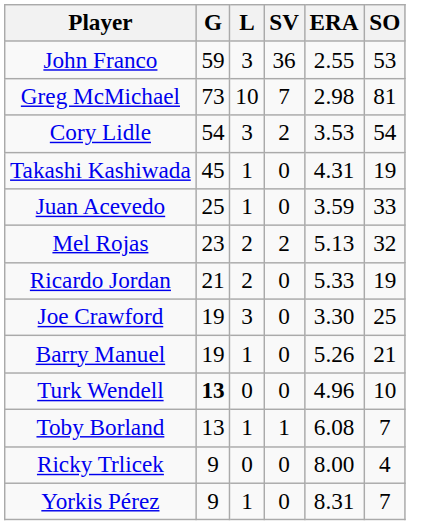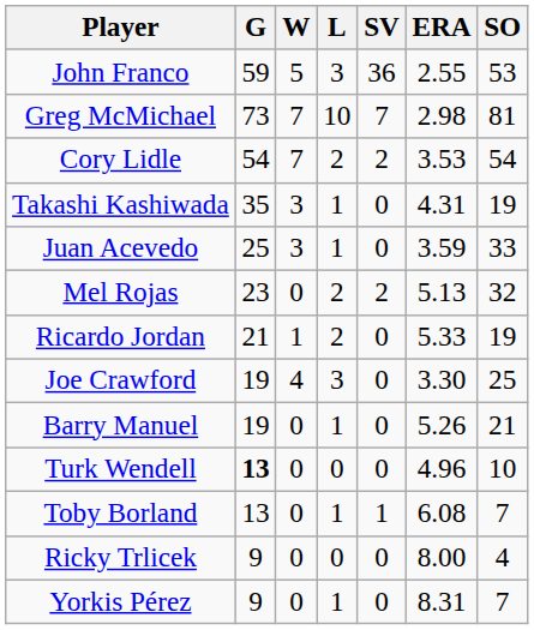 <table class="wikitable sortable">
 <tr>
 <th>Player</th>
 <th>G</th>
+<th>W</th>
 <th>L</th>
 <th>SV</th>
 <th>ERA</th>
 <th>SO</th>
 </tr>
 <tr align="center">
 <td><a href='#'>John Franco</a></td>
 <td>59</td>
+<td>5</td>
 <td>3</td>
 <td>36</td>
 <td>2.55</td>
 <td>53</td>
 </tr>
 <tr align=center>
 <td><a href='#'>Greg McMichael</a></td>
 <td>73</td>
+<td>7</td>
 <td>10</td>
 <td>7</td>
 <td>2.98</td>
 <td>81</td>
 </tr>
 <tr align="center">
 <td><a href='#'>Cory Lidle</a></td>
 <td>54</td>
-<td>3</td>
+<td>7</td>
+<td>2</td>
 <td>2</td>
 <td>3.53</td>
 <td>54</td>
 </tr>
 <tr align="center">
 <td><a href='#'>Takashi Kashiwada</a></td>
-<td>45</td>
+<td>35</td>
+<td>3</td>
 <td>1</td>
 <td>0</td>
 <td>4.31</td>
 <td>19</td>
 </tr>
 <tr align="center">
 <td><a href='#'>Juan Acevedo</a></td>
 <td>25</td>
+<td>3</td>
 <td>1</td>
 <td>0</td>
 <td>3.59</td>
 <td>33</td>
 </tr>
 <tr align="center">
 <td><a href='#'>Mel Rojas</a></td>
 <td>23</td>
+<td>0</td>
 <td>2</td>
 <td>2</td>
 <td>5.13</td>
 <td>32</td>
 </tr>
 <tr align="center">
 <td><a href='#'>Ricardo Jordan</a></td>
 <td>21</td>
+<td>1</td>
 <td>2</td>
 <td>0</td>
 <td>5.33</td>
 <td>19</td>
 </tr>
 <tr align="center">
 <td><a href='#'>Joe Crawford</a></td>
 <td>19</td>
+<td>4</td>
 <td>3</td>
 <td>0</td>
 <td>3.30</td>
 <td>25</td>
 </tr>
 <tr align="center">
 <td><a href='#'>Barry Manuel</a></td>
 <td>19</td>
+<td>0</td>
 <td>1</td>
 <td>0</td>
 <td>5.26</td>
 <td>21</td>
 </tr>
 <tr align="center">
 <td><a href='#'>Turk Wendell</a></td>
 <td><strong>13</strong></td>
 <td>0</td>
 <td>0</td>
+<td>0</td>
 <td>4.96</td>
 <td>10</td>
 </tr>
 <tr align="center">
 <td><a href='#'>Toby Borland</a></td>
 <td>13</td>
+<td>0</td>
 <td>1</td>
 <td>1</td>
 <td>6.08</td>
 <td>7</td>
 </tr>
 <tr align="center">
 <td><a href='#'>Ricky Trlicek</a></td>
 <td>9</td>
 <td>0</td>
 <td>0</td>
+<td>0</td>
 <td>8.00</td>
 <td>4</td>
 </tr>
 <tr align="center">
 <td><a href='#'>Yorkis Pérez</a></td>
 <td>9</td>
+<td>0</td>
 <td>1</td>
 <td>0</td>
 <td>8.31</td>
 <td>7</td>
 </tr>
 </table>
